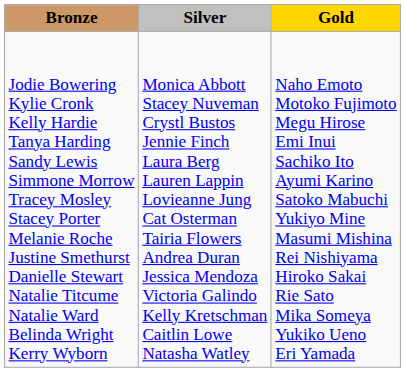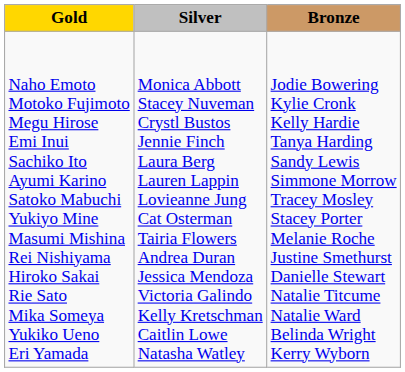 <table class="wikitable">
 <tr style="text-align:center;">
+<td style="background:gold;"><strong>Gold</strong></td>
+<td style="background:silver;"><strong>Silver</strong></td>
 <td style="background:#c96;"><strong>Bronze</strong></td>
-<td style="background:silver;"><strong>Silver</strong></td>
-<td style="background:gold;"><strong>Gold</strong></td>
 </tr>
 <tr valign="top">
+<td><br><br><a href='#'>Naho Emoto</a> <br> <a href='#'>Motoko Fujimoto</a> <br> <a href='#'>Megu Hirose</a> <br> <a href='#'>Emi Inui</a> <br> <a href='#'>Sachiko Ito</a> <br> <a href='#'>Ayumi Karino</a> <br> <a href='#'>Satoko Mabuchi</a> <br> <a href='#'>Yukiyo Mine</a> <br> <a href='#'>Masumi Mishina</a> <br> <a href='#'>Rei Nishiyama</a> <br> <a href='#'>Hiroko Sakai</a> <br> <a href='#'>Rie Sato</a> <br> <a href='#'>Mika Someya</a> <br> <a href='#'>Yukiko Ueno</a> <br> <a href='#'>Eri Yamada</a></td>
+<td><br><br><a href='#'>Monica Abbott</a><br> <a href='#'>Stacey Nuveman</a><br> <a href='#'>Crystl Bustos</a><br> <a href='#'>Jennie Finch</a><br> <a href='#'>Laura Berg</a><br> <a href='#'>Lauren Lappin</a><br> <a href='#'>Lovieanne Jung</a><br> <a href='#'>Cat Osterman</a><br> <a href='#'>Tairia Flowers</a><br> <a href='#'>Andrea Duran</a><br> <a href='#'>Jessica Mendoza</a><br> <a href='#'>Victoria Galindo</a><br> <a href='#'>Kelly Kretschman</a><br> <a href='#'>Caitlin Lowe</a><br> <a href='#'>Natasha Watley</a></td>
 <td> <br><br><a href='#'>Jodie Bowering</a><br> <a href='#'>Kylie Cronk</a><br> <a href='#'>Kelly Hardie</a><br> <a href='#'>Tanya Harding</a><br> <a href='#'>Sandy Lewis</a><br> <a href='#'>Simmone Morrow</a><br> <a href='#'>Tracey Mosley</a><br> <a href='#'>Stacey Porter</a><br> <a href='#'>Melanie Roche</a><br> <a href='#'>Justine Smethurst</a><br> <a href='#'>Danielle Stewart</a><br> <a href='#'>Natalie Titcume</a><br> <a href='#'>Natalie Ward</a><br> <a href='#'>Belinda Wright</a><br> <a href='#'>Kerry Wyborn</a></td>
-<td><br><br><a href='#'>Monica Abbott</a><br> <a href='#'>Stacey Nuveman</a><br> <a href='#'>Crystl Bustos</a><br> <a href='#'>Jennie Finch</a><br> <a href='#'>Laura Berg</a><br> <a href='#'>Lauren Lappin</a><br> <a href='#'>Lovieanne Jung</a><br> <a href='#'>Cat Osterman</a><br> <a href='#'>Tairia Flowers</a><br> <a href='#'>Andrea Duran</a><br> <a href='#'>Jessica Mendoza</a><br> <a href='#'>Victoria Galindo</a><br> <a href='#'>Kelly Kretschman</a><br> <a href='#'>Caitlin Lowe</a><br> <a href='#'>Natasha Watley</a></td>
-<td><br><br><a href='#'>Naho Emoto</a> <br> <a href='#'>Motoko Fujimoto</a> <br> <a href='#'>Megu Hirose</a> <br> <a href='#'>Emi Inui</a> <br> <a href='#'>Sachiko Ito</a> <br> <a href='#'>Ayumi Karino</a> <br> <a href='#'>Satoko Mabuchi</a> <br> <a href='#'>Yukiyo Mine</a> <br> <a href='#'>Masumi Mishina</a> <br> <a href='#'>Rei Nishiyama</a> <br> <a href='#'>Hiroko Sakai</a> <br> <a href='#'>Rie Sato</a> <br> <a href='#'>Mika Someya</a> <br> <a href='#'>Yukiko Ueno</a> <br> <a href='#'>Eri Yamada</a></td>
 </tr>
 </table>
